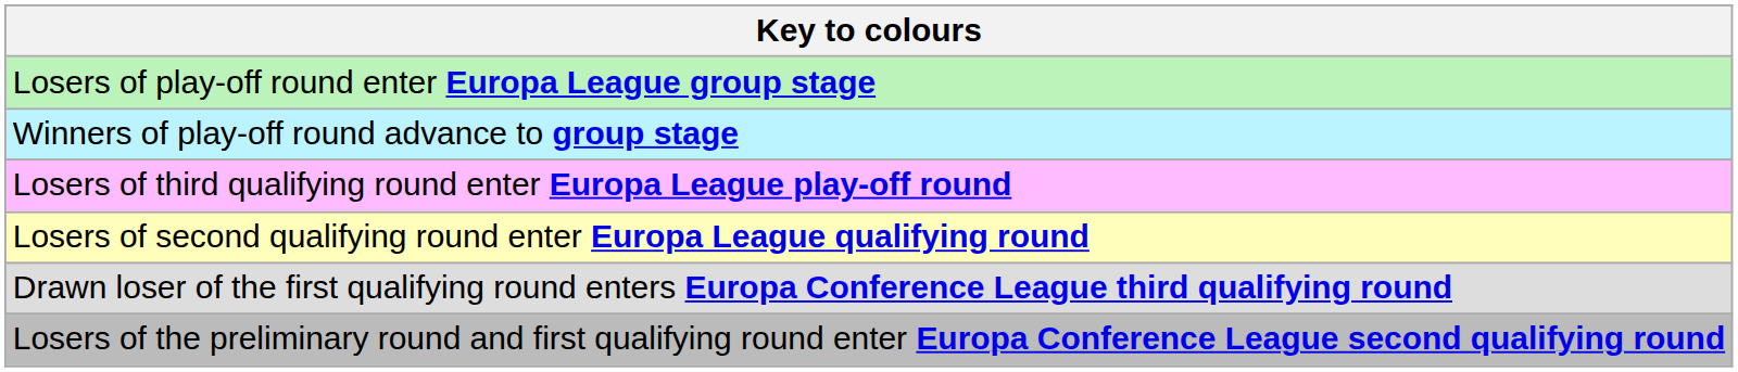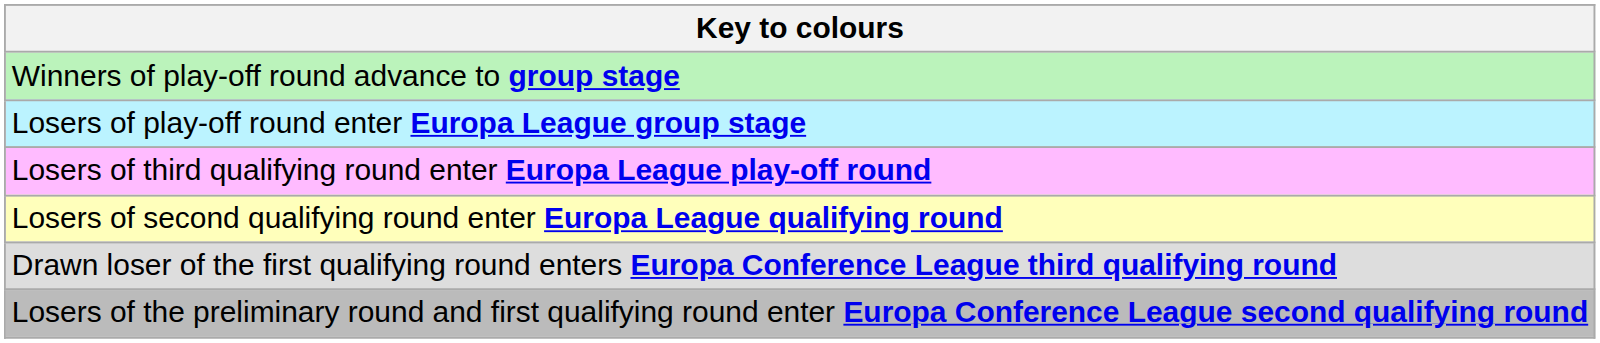 <table class="wikitable">
 <tr>
 <th>Key to colours</th>
 </tr>
 <tr bgcolor=#BBF3BB>
-<td>Losers of play-off round enter <strong><a href='#'>Europa League group stage</a></strong></td>
+<td>Winners of play-off round advance to <strong><a href='#'>group stage</a></strong></td>
 </tr>
 <tr bgcolor=#BBF3FF>
-<td>Winners of play-off round advance to <strong><a href='#'>group stage</a></strong></td>
+<td>Losers of play-off round enter <strong><a href='#'>Europa League group stage</a></strong></td>
 </tr>
 <tr bgcolor=#FFBBFF>
 <td>Losers of third qualifying round enter <strong><a href='#'>Europa League play-off round</a></strong></td>
 </tr>
 <tr bgcolor=#FFFFBB>
 <td>Losers of second qualifying round enter <strong><a href='#'>Europa League qualifying round</a></strong></td>
 </tr>
 <tr bgcolor=#DDDDDD>
 <td>Drawn loser of the first qualifying round enters <strong><a href='#'>Europa Conference League third qualifying round</a></strong></td>
 </tr>
 <tr bgcolor=#BBBBBB>
 <td>Losers of the preliminary round and first qualifying round enter <strong><a href='#'>Europa Conference League second qualifying round</a></strong></td>
 </tr>
 </table>
